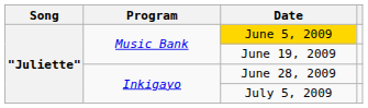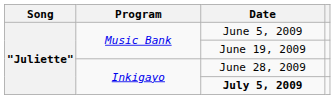 <table class="wikitable plainrowheaders" style="text-align:center">
 <tr>
 <th scope="col">Song</th>
 <th scope="col" width="140">Program</th>
 <th scope="col" width="140">Date</th>
 <th scope="col"></th>
 </tr>
 <tr>
 <th scope="row" rowspan="4">"Juliette"</th>
 <td rowspan="2"><em><a href='#'>Music Bank</a></em></td>
-<td style="background: gold;">June 5, 2009</td>
+<td>June 5, 2009</td>
 <td></td>
 </tr>
 <tr>
 <td>June 19, 2009</td>
 <td></td>
 </tr>
 <tr>
 <td rowspan="2"><em><a href='#'>Inkigayo</a></em></td>
 <td>June 28, 2009</td>
 <td></td>
 </tr>
 <tr>
-<td>July 5, 2009</td>
+<td><strong>July 5, 2009</strong></td>
 <td></td>
 </tr>
 </table>
